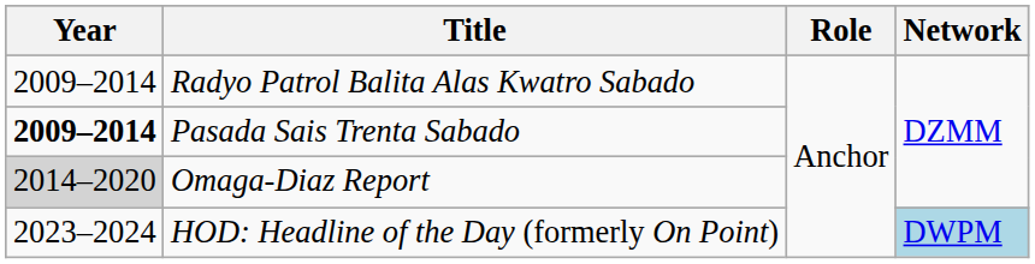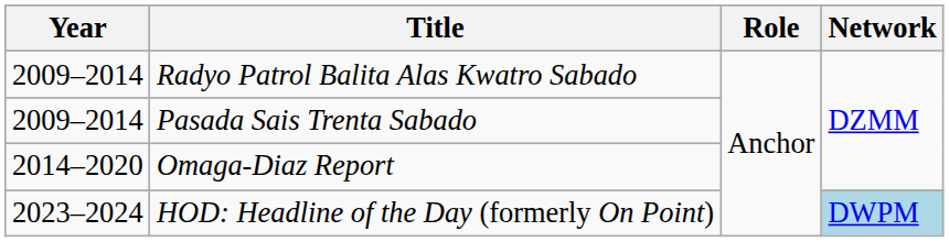 <table class="wikitable">
 <tr style="background:#ccc; text-align:center;">
 <th>Year</th>
 <th>Title</th>
 <th>Role</th>
 <th>Network</th>
 </tr>
 <tr>
 <td>2009–2014</td>
 <td><em>Radyo Patrol Balita Alas Kwatro Sabado</em></td>
 <td rowspan="4">Anchor</td>
 <td rowspan="3"><a href='#'>DZMM</a></td>
 </tr>
 <tr>
-<td><strong>2009–2014</strong></td>
+<td>2009–2014</td>
 <td><em>Pasada Sais Trenta Sabado</em></td>
 </tr>
 <tr>
-<td style="background: lightgrey;">2014–2020</td>
+<td>2014–2020</td>
 <td><em>Omaga-Diaz Report</em></td>
 </tr>
 <tr>
 <td>2023–2024</td>
 <td><em>HOD: Headline of the Day</em>  (formerly <em>On Point</em>)</td>
 <td style="background: lightblue;"><a href='#'>DWPM</a></td>
 </tr>
 </table>
